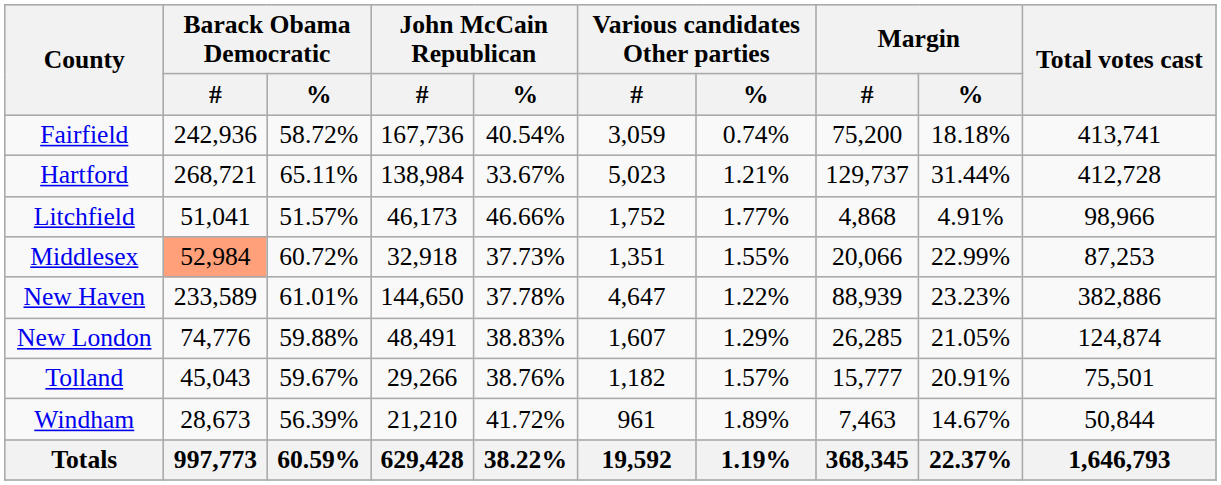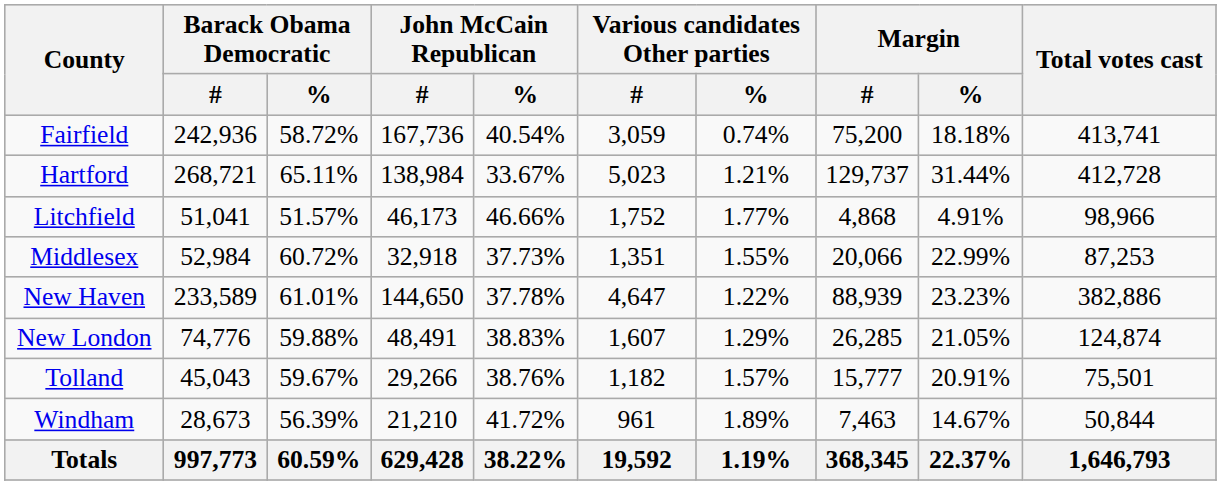 <table width="60%"  class="wikitable sortable" style="text-align:center">
 <tr>
 <th style="text-align:center;" rowspan="2">County</th>
 <th style="text-align:center;" colspan="2">Barack Obama<br>Democratic</th>
 <th style="text-align:center;" colspan="2">John McCain<br>Republican</th>
 <th style="text-align:center;" colspan="2">Various candidates<br>Other parties</th>
 <th style="text-align:center;" colspan="2">Margin</th>
 <th style="text-align:center;" rowspan="2">Total votes cast</th>
 </tr>
 <tr>
 <th style="text-align:center;" data-sort-type="number">#</th>
 <th style="text-align:center;" data-sort-type="number">%</th>
 <th style="text-align:center;" data-sort-type="number">#</th>
 <th style="text-align:center;" data-sort-type="number">%</th>
 <th style="text-align:center;" data-sort-type="number">#</th>
 <th style="text-align:center;" data-sort-type="number">%</th>
 <th style="text-align:center;" data-sort-type="number">#</th>
 <th style="text-align:center;" data-sort-type="number">%</th>
 </tr>
 <tr style="text-align:center;">
 <td><a href='#'>Fairfield</a></td>
 <td>242,936</td>
 <td>58.72%</td>
 <td>167,736</td>
 <td>40.54%</td>
 <td>3,059</td>
 <td>0.74%</td>
 <td>75,200</td>
 <td>18.18%</td>
 <td>413,741</td>
 </tr>
 <tr style="text-align:center;">
 <td><a href='#'>Hartford</a></td>
 <td>268,721</td>
 <td>65.11%</td>
 <td>138,984</td>
 <td>33.67%</td>
 <td>5,023</td>
 <td>1.21%</td>
 <td>129,737</td>
 <td>31.44%</td>
 <td>412,728</td>
 </tr>
 <tr style="text-align:center;">
 <td><a href='#'>Litchfield</a></td>
 <td>51,041</td>
 <td>51.57%</td>
 <td>46,173</td>
 <td>46.66%</td>
 <td>1,752</td>
 <td>1.77%</td>
 <td>4,868</td>
 <td>4.91%</td>
 <td>98,966</td>
 </tr>
 <tr style="text-align:center;">
 <td><a href='#'>Middlesex</a></td>
-<td style="background: lightsalmon;">52,984</td>
+<td>52,984</td>
 <td>60.72%</td>
 <td>32,918</td>
 <td>37.73%</td>
 <td>1,351</td>
 <td>1.55%</td>
 <td>20,066</td>
 <td>22.99%</td>
 <td>87,253</td>
 </tr>
 <tr style="text-align:center;">
 <td><a href='#'>New Haven</a></td>
 <td>233,589</td>
 <td>61.01%</td>
 <td>144,650</td>
 <td>37.78%</td>
 <td>4,647</td>
 <td>1.22%</td>
 <td>88,939</td>
 <td>23.23%</td>
 <td>382,886</td>
 </tr>
 <tr style="text-align:center;">
 <td><a href='#'>New London</a></td>
 <td>74,776</td>
 <td>59.88%</td>
 <td>48,491</td>
 <td>38.83%</td>
 <td>1,607</td>
 <td>1.29%</td>
 <td>26,285</td>
 <td>21.05%</td>
 <td>124,874</td>
 </tr>
 <tr style="text-align:center;">
 <td><a href='#'>Tolland</a></td>
 <td>45,043</td>
 <td>59.67%</td>
 <td>29,266</td>
 <td>38.76%</td>
 <td>1,182</td>
 <td>1.57%</td>
 <td>15,777</td>
 <td>20.91%</td>
 <td>75,501</td>
 </tr>
 <tr style="text-align:center;">
 <td><a href='#'>Windham</a></td>
 <td>28,673</td>
 <td>56.39%</td>
 <td>21,210</td>
 <td>41.72%</td>
 <td>961</td>
 <td>1.89%</td>
 <td>7,463</td>
 <td>14.67%</td>
 <td>50,844</td>
 </tr>
 <tr>
 <th>Totals</th>
 <th>997,773</th>
 <th>60.59%</th>
 <th>629,428</th>
 <th>38.22%</th>
 <th>19,592</th>
 <th>1.19%</th>
 <th>368,345</th>
 <th>22.37%</th>
 <th>1,646,793</th>
 </tr>
 </table>
